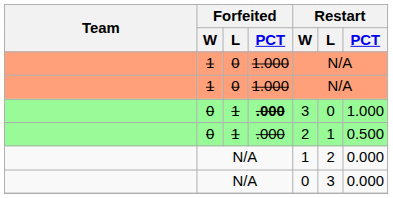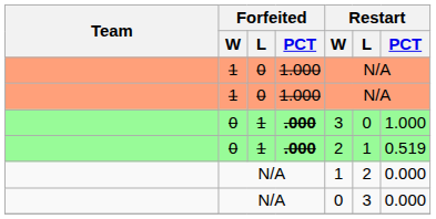 <table class="wikitable" style="text-align:center;">
 <tr>
 <th rowspan=2 width=200px>Team</th>
 <th width=50px colspan=3>Forfeited</th>
 <th width=50px colspan=3>Restart</th>
 </tr>
 <tr>
 <th width=20px>W</th>
 <th width=20px>L</th>
 <th width=30px><a href='#'>PCT</a></th>
 <th width=20px>W</th>
 <th width=20px>L</th>
 <th width=30px><a href='#'>PCT</a></th>
 </tr>
 <tr bgcolor="#FFA07A">
 <td align=left></td>
 <td><s>1</s></td>
 <td><s>0</s></td>
 <td><s>1.000</s></td>
 <td colspan=3>N/A</td>
 </tr>
 <tr bgcolor="#FFA07A">
 <td align=left></td>
 <td><s>1</s></td>
 <td><s>0</s></td>
 <td><s>1.000</s></td>
 <td colspan=3>N/A</td>
 </tr>
 <tr bgcolor="#98fb98">
 <td align=left></td>
 <td><s>0</s></td>
 <td><s>1</s></td>
 <td><strong><s>.000</s></strong></td>
 <td>3</td>
 <td>0</td>
 <td>1.000</td>
 </tr>
 <tr bgcolor="#98fb98">
 <td align=left></td>
 <td><s>0</s></td>
 <td><s>1</s></td>
-<td><s>.000</s></td>
+<td><strong><s>.000</s></strong></td>
 <td>2</td>
 <td>1</td>
-<td>0.500</td>
+<td>0.519</td>
 </tr>
 <tr>
 <td align=left></td>
 <td colspan=3>N/A</td>
 <td>1</td>
 <td>2</td>
 <td>0.000</td>
 </tr>
 <tr b>
 <td align=left></td>
 <td colspan=3>N/A</td>
 <td>0</td>
 <td>3</td>
 <td>0.000</td>
 </tr>
 <tr>
 </tr>
 </table>
